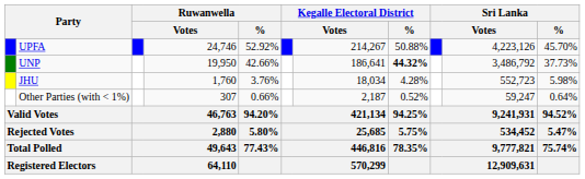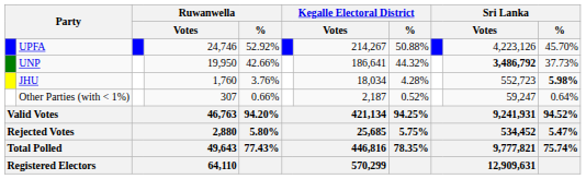 <table class="wikitable">
 <tr>
 <th colspan="2" width="144px"rowspan="2">Party</th>
 <th colspan="3" width="216px">Ruwanwella</th>
 <th colspan="3" width="216px"><a href='#'>Kegalle Electoral District</a></th>
 <th colspan="3" width="216px">Sri Lanka</th>
 </tr>
 <tr>
 <th colspan="2" width="144px">Votes</th>
 <th>%</th>
 <th colspan="2" width="144px">Votes</th>
 <th>%</th>
 <th colspan="2" width="144px">Votes</th>
 <th>%</th>
 </tr>
 <tr>
 <td style="background-color:blue;" width="10px"></td>
 <td style="text-align:left;"><a href='#'>UPFA</a></td>
 <td style="background-color:blue;" width="10px"></td>
 <td style="text-align:right;">24,746</td>
 <td style="text-align:right;">52.92%</td>
 <td style="background-color:blue;" width="10px"></td>
 <td style="text-align:right;">214,267</td>
 <td style="text-align:right;">50.88%</td>
 <td style="background-color:blue;" width="10px"></td>
 <td style="text-align:right;">4,223,126</td>
 <td style="text-align:right;">45.70%</td>
 </tr>
 <tr>
 <td style="background-color:green;" width="10px"></td>
 <td style="text-align:left;"><a href='#'>UNP</a></td>
 <td style="background-color:white;" width="10px"></td>
 <td style="text-align:right;">19,950</td>
 <td style="text-align:right;">42.66%</td>
 <td style="background-color:white;" width="10px"></td>
 <td style="text-align:right;">186,641</td>
-<td style="text-align:right;"><strong>44.32%</strong></td>
+<td style="text-align:right;">44.32%</td>
 <td style="background-color:white;" width="10px"></td>
-<td style="text-align:right;">3,486,792</td>
+<td style="text-align:right;"><strong>3,486,792</strong></td>
 <td style="text-align:right;">37.73%</td>
 </tr>
 <tr>
 <td style="background-color:yellow;" width="10px"></td>
 <td style="text-align:left;"><a href='#'>JHU</a></td>
 <td style="background-color:white;" width="10px"></td>
 <td style="text-align:right;">1,760</td>
 <td style="text-align:right;">3.76%</td>
 <td style="background-color:white;" width="10px"></td>
 <td style="text-align:right;">18,034</td>
 <td style="text-align:right;">4.28%</td>
 <td style="background-color:white;" width="10px"></td>
 <td style="text-align:right;">552,723</td>
-<td style="text-align:right;">5.98%</td>
+<td style="text-align:right;"><strong>5.98%</strong></td>
 </tr>
 <tr>
 <td style="background-color:white;" width="10px"></td>
 <td style="text-align:left;">Other Parties (with < 1%)</td>
 <td style="background-color:white;" width="10px"></td>
 <td style="text-align:right;">307</td>
 <td style="text-align:right;">0.66%</td>
 <td style="background-color:white;" width="10px"></td>
 <td style="text-align:right;">2,187</td>
 <td style="text-align:right;">0.52%</td>
 <td style="background-color:white;" width="10px"></td>
 <td style="text-align:right;">59,247</td>
 <td style="text-align:right;">0.64%</td>
 </tr>
 <tr>
 <th colspan="2" width="144px"style="text-align:left;">Valid Votes</th>
 <th style="text-align:right;"colspan="2" width="144px">46,763</th>
 <th style="text-align:right;">94.20%</th>
 <th style="text-align:right;"colspan="2" width="144px">421,134</th>
 <th style="text-align:right;">94.25%</th>
 <th style="text-align:right;"colspan="2" width="144px">9,241,931</th>
 <th style="text-align:right;">94.52%</th>
 </tr>
 <tr>
 <th colspan="2" width="144px"style="text-align:left;">Rejected Votes</th>
 <th style="text-align:right;"colspan="2" width="144px">2,880</th>
 <th style="text-align:right;">5.80%</th>
 <th style="text-align:right;"colspan="2" width="144px">25,685</th>
 <th style="text-align:right;">5.75%</th>
 <th style="text-align:right;"colspan="2" width="144px">534,452</th>
 <th style="text-align:right;">5.47%</th>
 </tr>
 <tr>
 <th colspan="2" width="144px"style="text-align:left;">Total Polled</th>
 <th style="text-align:right;"colspan="2" width="144px">49,643</th>
 <th style="text-align:right;">77.43%</th>
 <th style="text-align:right;"colspan="2" width="144px">446,816</th>
 <th style="text-align:right;">78.35%</th>
 <th style="text-align:right;"colspan="2" width="144px">9,777,821</th>
 <th style="text-align:right;">75.74%</th>
 </tr>
 <tr>
 <th colspan="2" width="144px"style="text-align:left;">Registered Electors</th>
 <th style="text-align:right;"colspan="2" width="144px">64,110</th>
 <th></th>
 <th style="text-align:right;"colspan="2" width="144px">570,299</th>
 <th></th>
 <th style="text-align:right;"colspan="2" width="144px">12,909,631</th>
 <th></th>
 </tr>
 </table>
